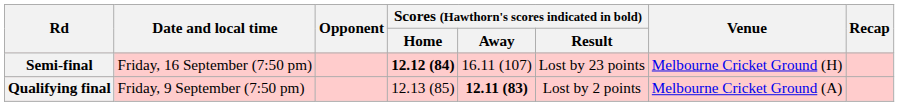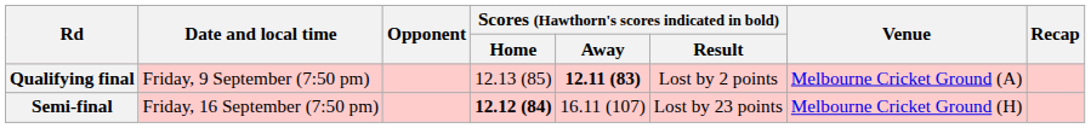 <table class="wikitable" style="text-align:center">
 <tr>
 <th rowspan="2">Rd</th>
 <th rowspan="2">Date and local time</th>
 <th rowspan="2">Opponent</th>
 <th colspan="3">Scores <small>(Hawthorn's scores indicated in bold)</small></th>
 <th rowspan="2">Venue</th>
 <th rowspan="2">Recap</th>
 </tr>
 <tr>
 <th>Home</th>
 <th>Away</th>
 <th>Result</th>
 </tr>
 <tr style="background:#fcc;">
+<th>Qualifying final</th>
+<td align=left>Friday, 9 September (7:50 pm)</td>
+<td align=left></td>
+<td>12.13 (85)</td>
+<td><strong>12.11 (83)</strong></td>
+<td>Lost by 2 points</td>
+<td><a href='#'>Melbourne Cricket Ground</a> (A)</td>
+<td></td>
+</tr>
+<tr style="background:#fcc;">
 <th>Semi-final</th>
 <td align=left>Friday, 16 September (7:50 pm)</td>
 <td align=left></td>
 <td><strong>12.12 (84)</strong></td>
 <td>16.11 (107)</td>
 <td>Lost by 23 points</td>
 <td><a href='#'>Melbourne Cricket Ground</a> (H)</td>
 <td></td>
 </tr>
-<tr style="background:#fcc;">
-<th>Qualifying final</th>
-<td align=left>Friday, 9 September (7:50 pm)</td>
-<td align=left></td>
-<td>12.13 (85)</td>
-<td><strong>12.11 (83)</strong></td>
-<td>Lost by 2 points</td>
-<td><a href='#'>Melbourne Cricket Ground</a> (A)</td>
-<td></td>
-</tr>
 </table>
